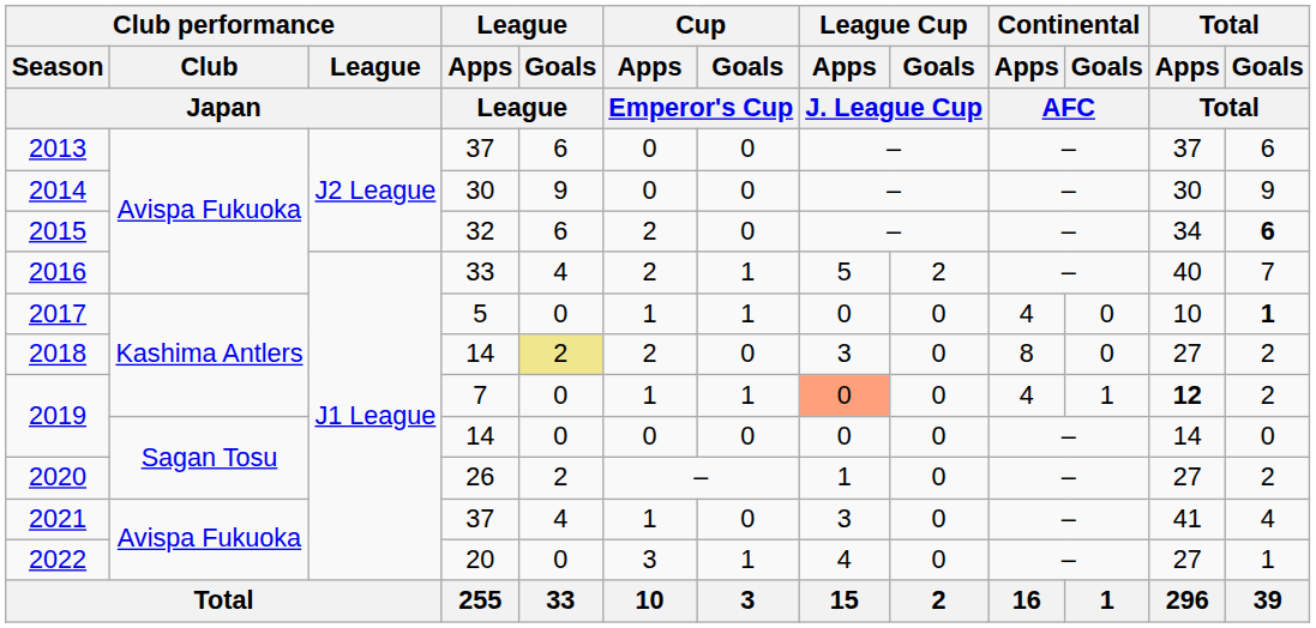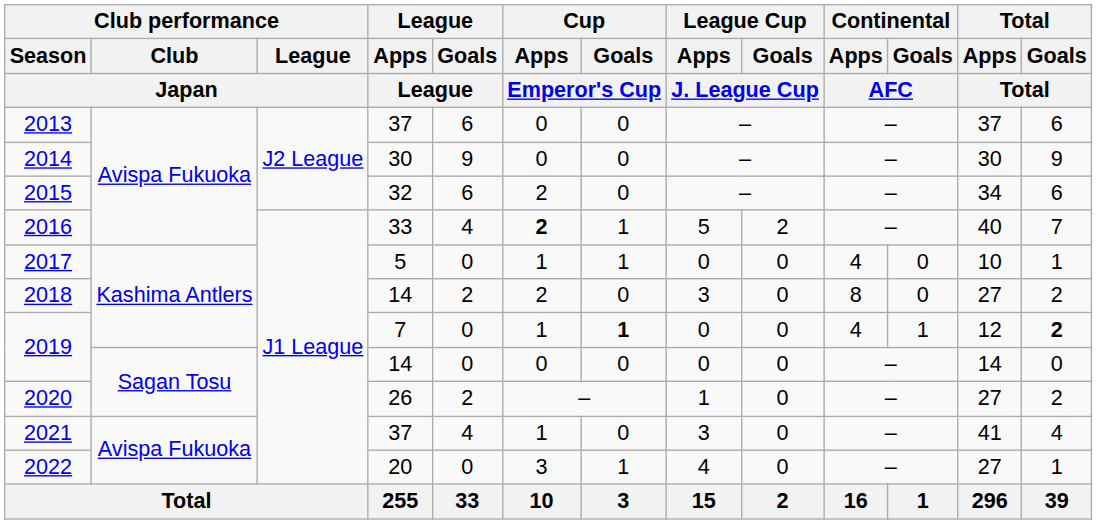 <table class="wikitable" style="text-align:center;">
 <tr>
 <th colspan=3>Club performance</th>
 <th colspan=2>League</th>
 <th colspan=2>Cup</th>
 <th colspan=2>League Cup</th>
 <th colspan=2>Continental</th>
 <th colspan=2>Total</th>
 </tr>
 <tr>
 <th>Season</th>
 <th>Club</th>
 <th>League</th>
 <th>Apps</th>
 <th>Goals</th>
 <th>Apps</th>
 <th>Goals</th>
 <th>Apps</th>
 <th>Goals</th>
 <th>Apps</th>
 <th>Goals</th>
 <th>Apps</th>
 <th>Goals</th>
 </tr>
 <tr>
 <th colspan=3>Japan</th>
 <th colspan=2>League</th>
 <th colspan=2><a href='#'>Emperor's Cup</a></th>
 <th colspan=2><a href='#'>J. League Cup</a></th>
 <th colspan=2><a href='#'>AFC</a></th>
 <th colspan=6>Total</th>
 </tr>
 <tr>
 <td><a href='#'>2013</a></td>
 <td rowspan="4"><a href='#'>Avispa Fukuoka</a></td>
 <td rowspan="3"><a href='#'>J2 League</a></td>
 <td>37</td>
 <td>6</td>
 <td>0</td>
 <td>0</td>
 <td colspan="2">–</td>
 <td colspan="2">–</td>
 <td>37</td>
 <td>6</td>
 </tr>
 <tr>
 <td><a href='#'>2014</a></td>
 <td>30</td>
 <td>9</td>
 <td>0</td>
 <td>0</td>
 <td colspan="2">–</td>
 <td colspan="2">–</td>
 <td>30</td>
 <td>9</td>
 </tr>
 <tr>
 <td><a href='#'>2015</a></td>
 <td>32</td>
 <td>6</td>
 <td>2</td>
 <td>0</td>
 <td colspan="2">–</td>
 <td colspan="2">–</td>
 <td>34</td>
-<td><strong>6</strong></td>
+<td>6</td>
 </tr>
 <tr>
 <td><a href='#'>2016</a></td>
 <td rowspan="8"><a href='#'>J1 League</a></td>
 <td>33</td>
 <td>4</td>
-<td>2</td>
+<td><strong>2</strong></td>
 <td>1</td>
 <td>5</td>
 <td>2</td>
 <td colspan="2">–</td>
 <td>40</td>
 <td>7</td>
 </tr>
 <tr>
 <td><a href='#'>2017</a></td>
 <td rowspan="3"><a href='#'>Kashima Antlers</a></td>
 <td>5</td>
 <td>0</td>
 <td>1</td>
 <td>1</td>
 <td>0</td>
 <td>0</td>
 <td>4</td>
 <td>0</td>
 <td>10</td>
-<td><strong>1</strong></td>
+<td>1</td>
 </tr>
 <tr>
 <td><a href='#'>2018</a></td>
 <td>14</td>
-<td style="background: khaki;">2</td>
+<td>2</td>
 <td>2</td>
 <td>0</td>
 <td>3</td>
 <td>0</td>
 <td>8</td>
 <td>0</td>
 <td>27</td>
 <td>2</td>
 </tr>
 <tr>
 <td rowspan="2"><a href='#'>2019</a></td>
 <td>7</td>
 <td>0</td>
 <td>1</td>
-<td>1</td>
-<td style="background: lightsalmon;">0</td>
+<td><strong>1</strong></td>
+<td>0</td>
 <td>0</td>
 <td>4</td>
 <td>1</td>
-<td><strong>12</strong></td>
-<td>2</td>
+<td>12</td>
+<td><strong>2</strong></td>
 </tr>
 <tr>
 <td rowspan="2"><a href='#'>Sagan Tosu</a></td>
 <td>14</td>
 <td>0</td>
 <td>0</td>
 <td>0</td>
 <td>0</td>
 <td>0</td>
 <td colspan="2">–</td>
 <td>14</td>
 <td>0</td>
 </tr>
 <tr>
 <td><a href='#'>2020</a></td>
 <td>26</td>
 <td>2</td>
 <td colspan="2">–</td>
 <td>1</td>
 <td>0</td>
 <td colspan="2">–</td>
 <td>27</td>
 <td>2</td>
 </tr>
 <tr>
 <td><a href='#'>2021</a></td>
 <td rowspan="2"><a href='#'>Avispa Fukuoka</a></td>
 <td>37</td>
 <td>4</td>
 <td>1</td>
 <td>0</td>
 <td>3</td>
 <td>0</td>
 <td colspan="2">–</td>
 <td>41</td>
 <td>4</td>
 </tr>
 <tr>
 <td><a href='#'>2022</a></td>
 <td>20</td>
 <td>0</td>
 <td>3</td>
 <td>1</td>
 <td>4</td>
 <td>0</td>
 <td colspan="2">–</td>
 <td>27</td>
 <td>1</td>
 </tr>
 <tr>
 <th colspan="3">Total</th>
 <th>255</th>
 <th>33</th>
 <th>10</th>
 <th>3</th>
 <th>15</th>
 <th>2</th>
 <th>16</th>
 <th>1</th>
 <th>296</th>
 <th>39</th>
 </tr>
 </table>
